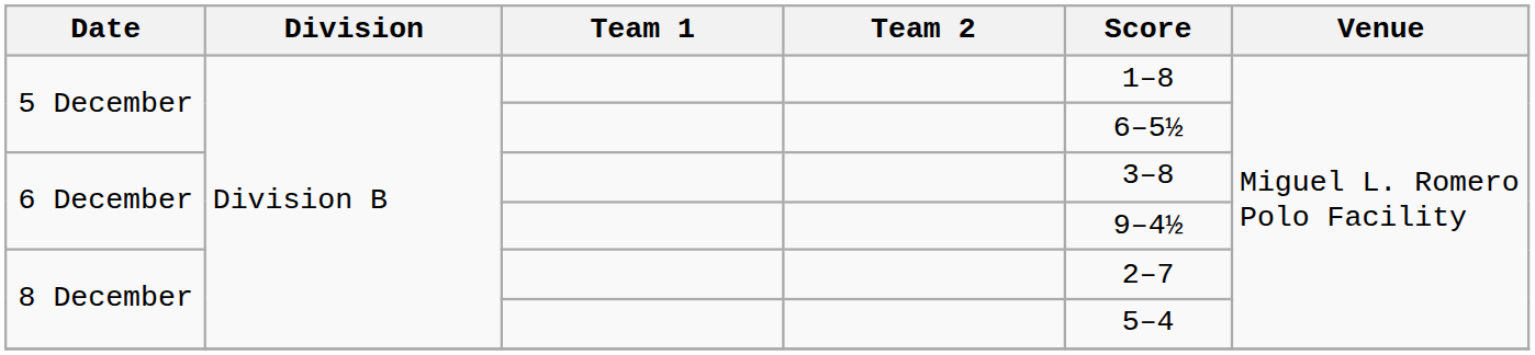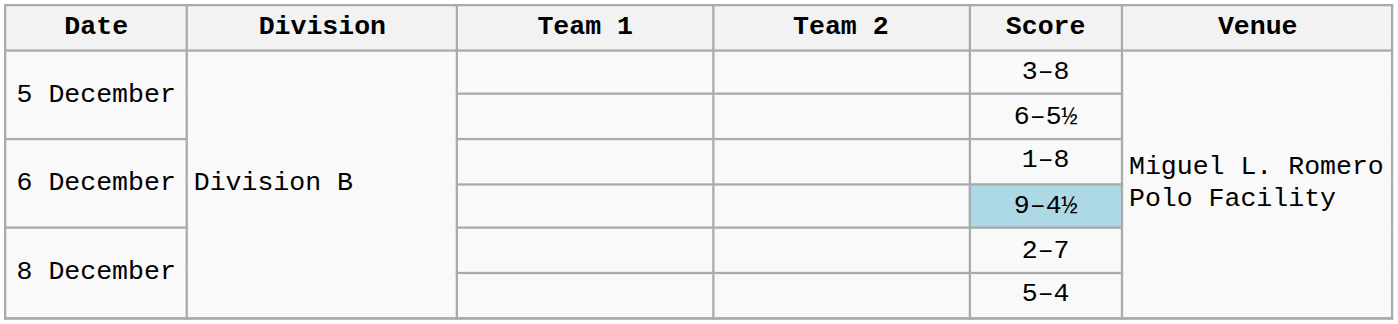 <table class="wikitable" style="font-size: 90%;">
 <tr>
 <th width="80">Date</th>
 <th width="130">Division</th>
 <th width="130">Team 1</th>
 <th width="130">Team 2</th>
 <th width="70">Score</th>
 <th width="130">Venue</th>
 </tr>
 <tr>
 <td align="center" rowspan="2">5 December</td>
 <td rowspan=6>Division B</td>
 <td></td>
 <td><strong></strong></td>
-<td align=center>1–8 <br> </td>
+<td align=center>3–8 <br></td>
 <td rowspan=6>Miguel L. Romero Polo Facility</td>
 </tr>
 <tr>
 <td><strong></strong></td>
 <td></td>
 <td align=center>6–5½ <br> </td>
 </tr>
 <tr>
 <td align="center" rowspan="2">6 December</td>
 <td></td>
 <td><strong></strong></td>
-<td align=center>3–8 <br></td>
+<td align=center>1–8 <br> </td>
 </tr>
 <tr>
 <td><strong></strong></td>
 <td></td>
-<td align=center>9–4½ <br></td>
+<td align=center style="background: lightblue;">9–4½ <br></td>
 </tr>
 <tr>
 <td align="center" rowspan="2">8 December</td>
 <td></td>
 <td><strong></strong></td>
 <td align=center>2–7 <br></td>
 </tr>
 <tr>
 <td><strong></strong></td>
 <td></td>
 <td align=center>5–4 <br></td>
 </tr>
 <tr>
 </tr>
 </table>
